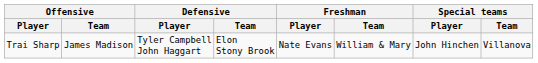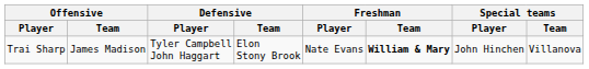 <table class="wikitable" border="1">
 <tr>
 <th colspan="2">Offensive</th>
 <th colspan="2">Defensive</th>
 <th colspan="2">Freshman</th>
 <th colspan="2">Special teams</th>
 </tr>
 <tr>
 <th>Player</th>
 <th>Team</th>
 <th>Player</th>
 <th>Team</th>
 <th>Player</th>
 <th>Team</th>
 <th>Player</th>
 <th>Team</th>
 </tr>
 <tr>
 <td>Trai Sharp</td>
 <td>James Madison</td>
 <td>Tyler Campbell<br>John Haggart</td>
 <td>Elon<br>Stony Brook</td>
 <td>Nate Evans</td>
-<td>William & Mary</td>
+<td><strong>William & Mary</strong></td>
 <td>John Hinchen</td>
 <td>Villanova</td>
 </tr>
 </table>
